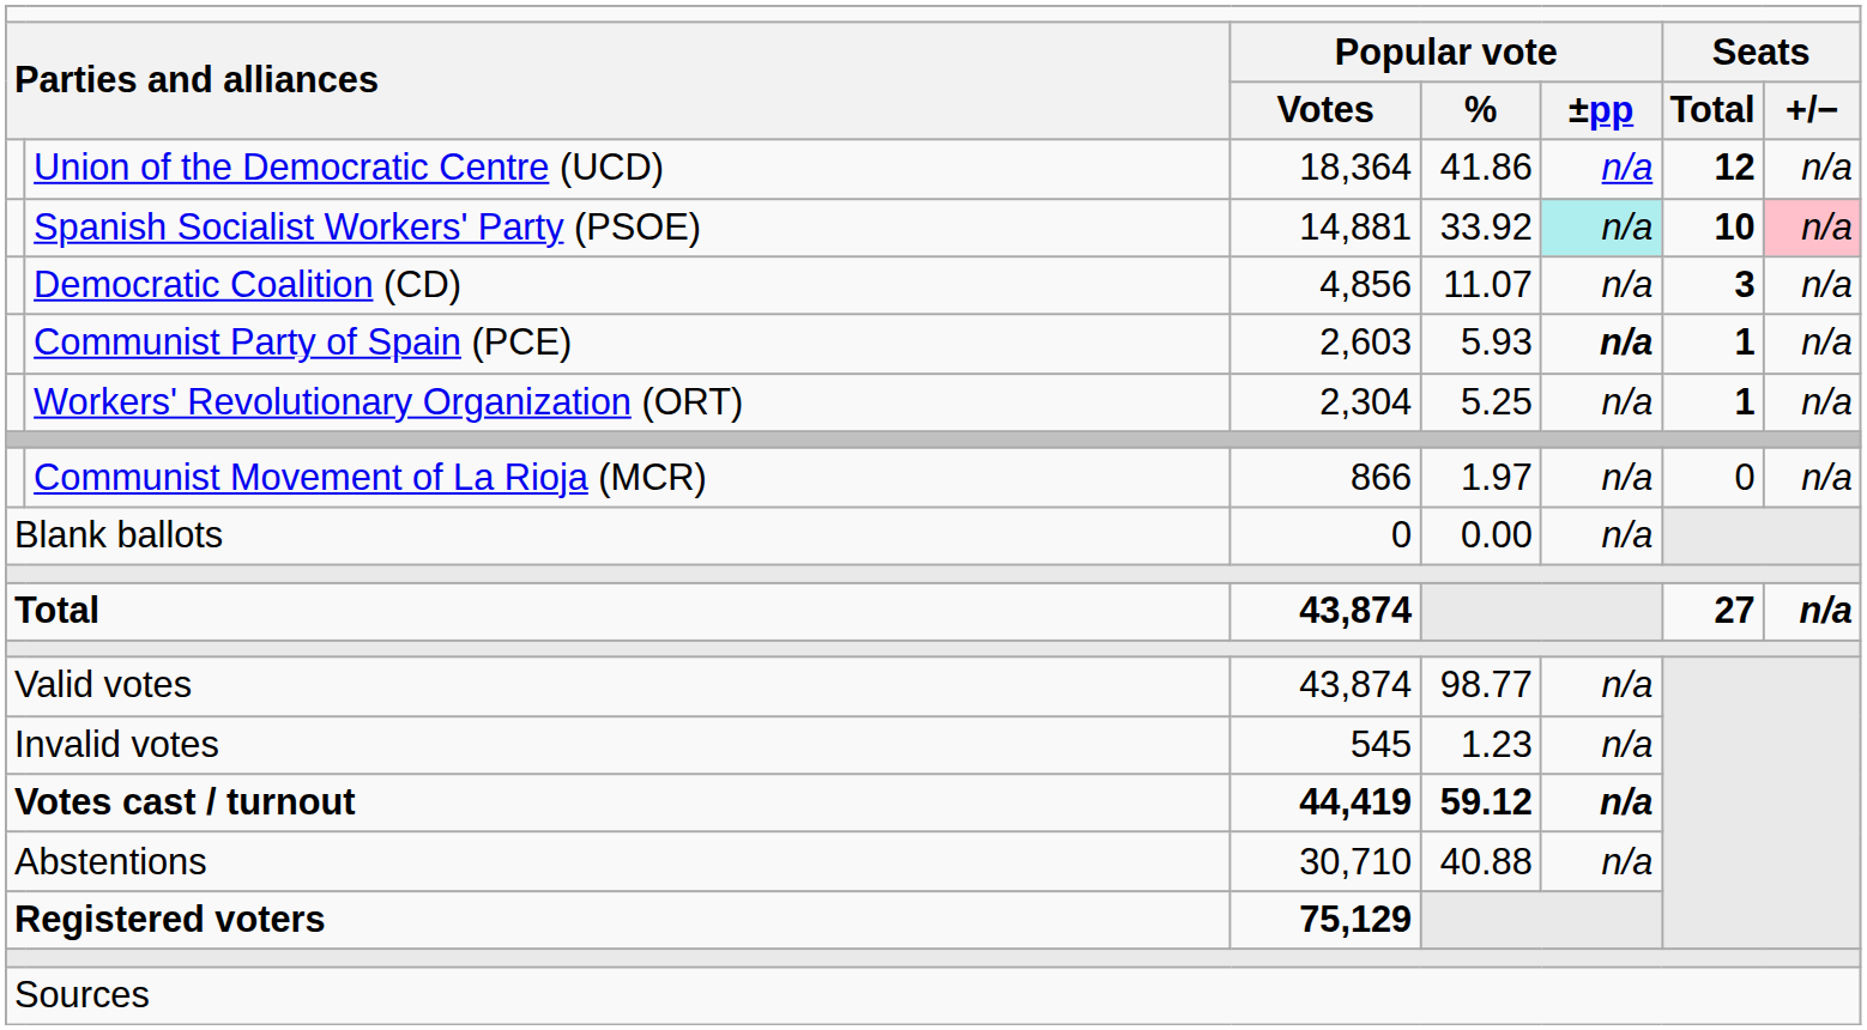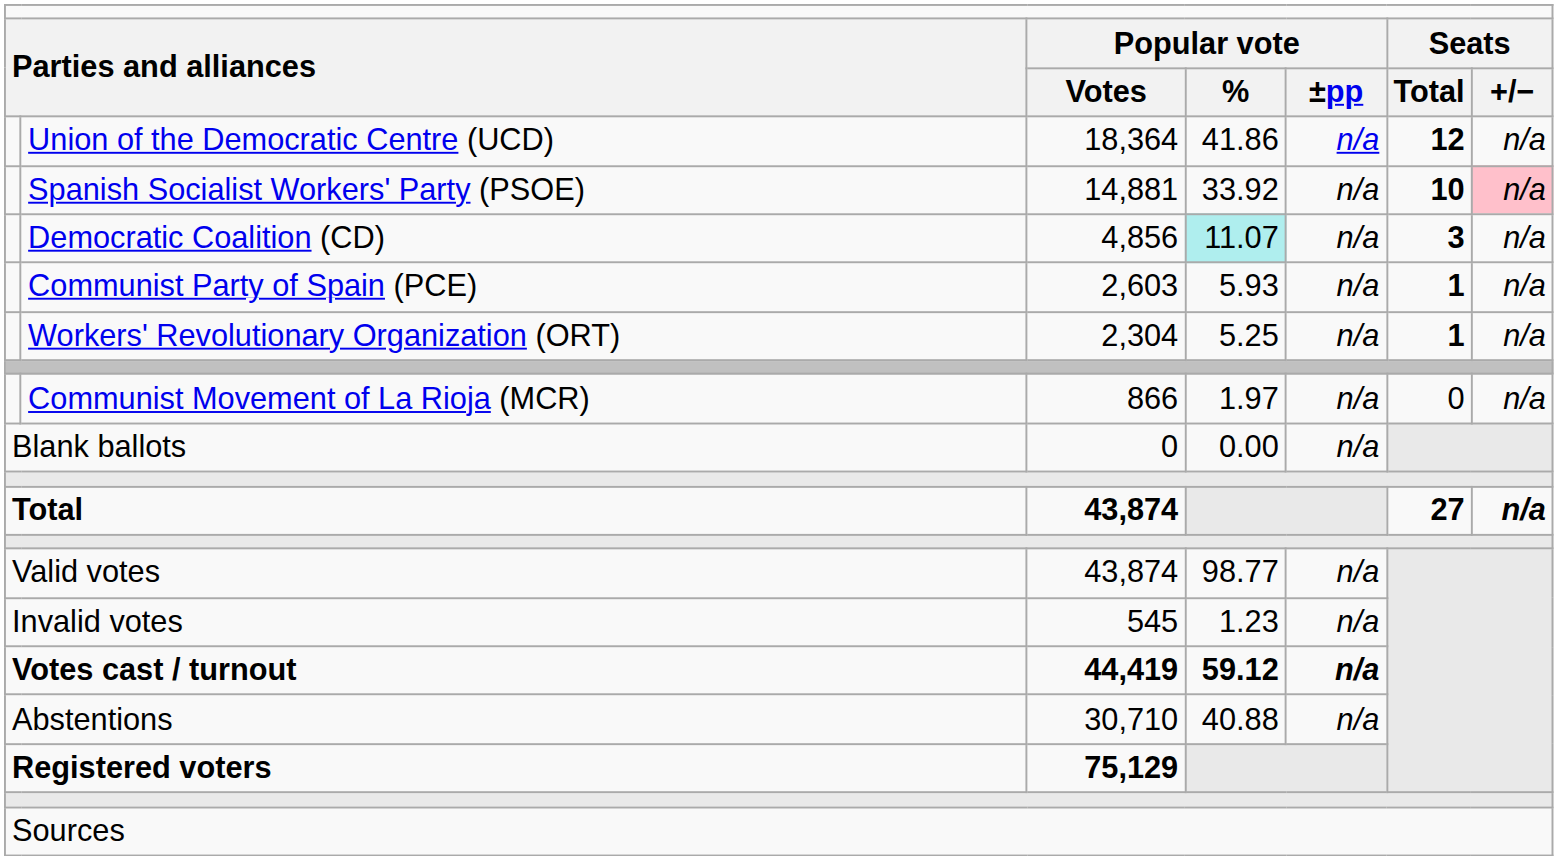 <table class="wikitable" style="text-align:right;">
 <tr>
 <td colspan="7"></td>
 </tr>
 <tr>
 <th style="text-align:left;" rowspan="2" colspan="2" width="525">Parties and alliances</th>
 <th colspan="3">Popular vote</th>
 <th colspan="2">Seats</th>
 </tr>
 <tr>
 <th width="75">Votes</th>
 <th width="45">%</th>
 <th width="45">±<a href='#'>pp</a></th>
 <th width="35">Total</th>
 <th width="35">+/−</th>
 </tr>
 <tr>
 <td width="1" style="color:inherit;background:"></td>
 <td align="left"><a href='#'>Union of the Democratic Centre</a> (UCD)</td>
 <td>18,364</td>
 <td>41.86</td>
 <td><em><a href='#'>n/a</a></em></td>
 <td><strong>12</strong></td>
 <td><em>n/a</em></td>
 </tr>
 <tr>
 <td style="color:inherit;background:"></td>
 <td align="left"><a href='#'>Spanish Socialist Workers' Party</a> (PSOE)</td>
 <td>14,881</td>
 <td>33.92</td>
-<td style="background: paleturquoise;"><em>n/a</em></td>
+<td><em>n/a</em></td>
 <td><strong>10</strong></td>
 <td style="background: pink;"><em>n/a</em></td>
 </tr>
 <tr>
 <td style="color:inherit;background:"></td>
 <td align="left"><a href='#'>Democratic Coalition</a> (CD)</td>
 <td>4,856</td>
-<td>11.07</td>
+<td style="background: paleturquoise;">11.07</td>
 <td><em>n/a</em></td>
 <td><strong>3</strong></td>
 <td><em>n/a</em></td>
 </tr>
 <tr>
 <td style="color:inherit;background:"></td>
 <td align="left"><a href='#'>Communist Party of Spain</a> (PCE)</td>
 <td>2,603</td>
 <td>5.93</td>
-<td><strong><em>n/a</em></strong></td>
+<td><em>n/a</em></td>
 <td><strong>1</strong></td>
 <td><em>n/a</em></td>
 </tr>
 <tr>
 <td style="color:inherit;background:"></td>
 <td align="left"><a href='#'>Workers' Revolutionary Organization</a> (ORT)</td>
 <td>2,304</td>
 <td>5.25</td>
 <td><em>n/a</em></td>
 <td><strong>1</strong></td>
 <td><em>n/a</em></td>
 </tr>
 <tr>
 <td colspan="7" bgcolor="#C0C0C0"></td>
 </tr>
 <tr>
 <td style="color:inherit;background:"></td>
 <td align="left"><a href='#'>Communist Movement of La Rioja</a> (MCR)</td>
 <td>866</td>
 <td>1.97</td>
 <td><em>n/a</em></td>
 <td>0</td>
 <td><em>n/a</em></td>
 </tr>
 <tr>
 <td align="left" colspan="2">Blank ballots</td>
 <td>0</td>
 <td>0.00</td>
 <td><em>n/a</em></td>
 <td bgcolor="#E9E9E9" colspan="2"></td>
 </tr>
 <tr>
 <td colspan="7" bgcolor="#E9E9E9"></td>
 </tr>
 <tr style="font-weight:bold;">
 <td align="left" colspan="2">Total</td>
 <td>43,874</td>
 <td bgcolor="#E9E9E9" colspan="2"></td>
 <td>27</td>
 <td><em>n/a</em></td>
 </tr>
 <tr>
 <td colspan="7" bgcolor="#E9E9E9"></td>
 </tr>
 <tr>
 <td align="left" colspan="2">Valid votes</td>
 <td>43,874</td>
 <td>98.77</td>
 <td><em>n/a</em></td>
 <td bgcolor="#E9E9E9" colspan="2" rowspan="5"></td>
 </tr>
 <tr>
 <td align="left" colspan="2">Invalid votes</td>
 <td>545</td>
 <td>1.23</td>
 <td><em>n/a</em></td>
 </tr>
 <tr style="font-weight:bold;">
 <td align="left" colspan="2">Votes cast / turnout</td>
 <td>44,419</td>
 <td>59.12</td>
 <td><em>n/a</em></td>
 </tr>
 <tr>
 <td align="left" colspan="2">Abstentions</td>
 <td>30,710</td>
 <td>40.88</td>
 <td><em>n/a</em></td>
 </tr>
 <tr style="font-weight:bold;">
 <td align="left" colspan="2">Registered voters</td>
 <td>75,129</td>
 <td bgcolor="#E9E9E9" colspan="2"></td>
 </tr>
 <tr>
 <td colspan="7" bgcolor="#E9E9E9"></td>
 </tr>
 <tr>
 <td align="left" colspan="7">Sources</td>
 </tr>
 </table>
